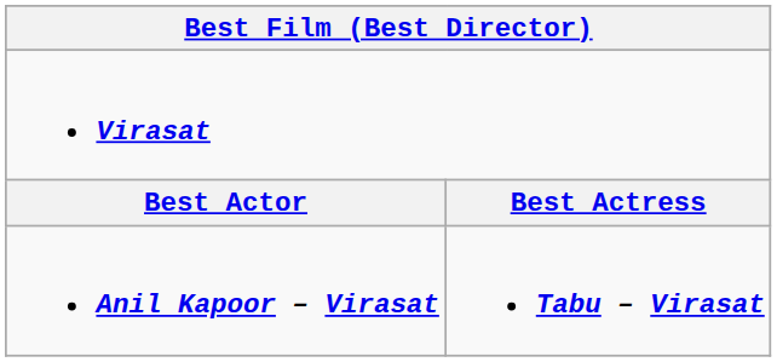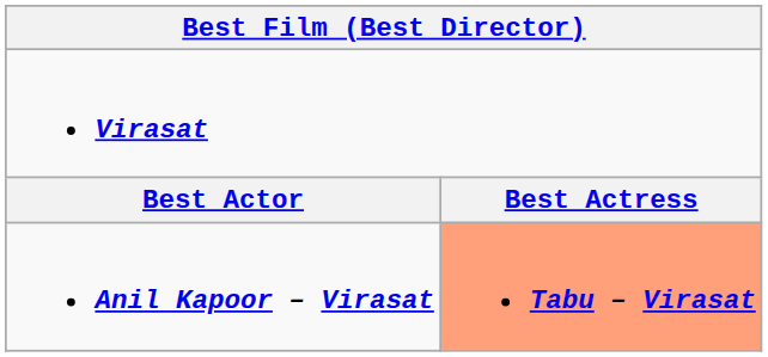 <table class="wikitable">
 <tr>
 <th colspan=2><a href='#'>Best Film (Best Director)</a></th>
 </tr>
 <tr>
 <td colspan=2><br><ul><li><strong> <em><a href='#'>Virasat</a></em> </strong></li></ul></td>
 </tr>
 <tr>
 <th><a href='#'>Best Actor</a></th>
 <th><a href='#'>Best Actress</a></th>
 </tr>
 <tr>
 <td><br><ul><li><strong> <em><a href='#'>Anil Kapoor</a> – <a href='#'>Virasat</a></em> </strong></li></ul></td>
-<td><br><ul><li><strong> <em><a href='#'>Tabu</a> – <a href='#'>Virasat</a></em> </strong></li></ul></td>
+<td style="background: lightsalmon;"><br><ul><li><strong> <em><a href='#'>Tabu</a> – <a href='#'>Virasat</a></em> </strong></li></ul></td>
 </tr>
 </table>
